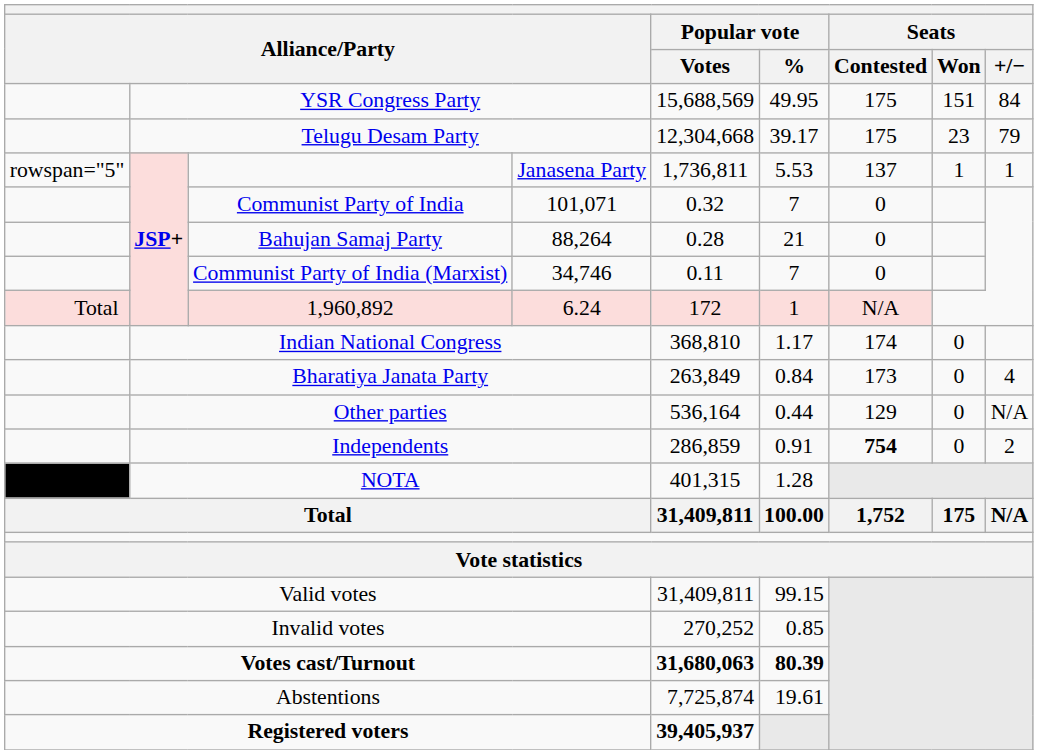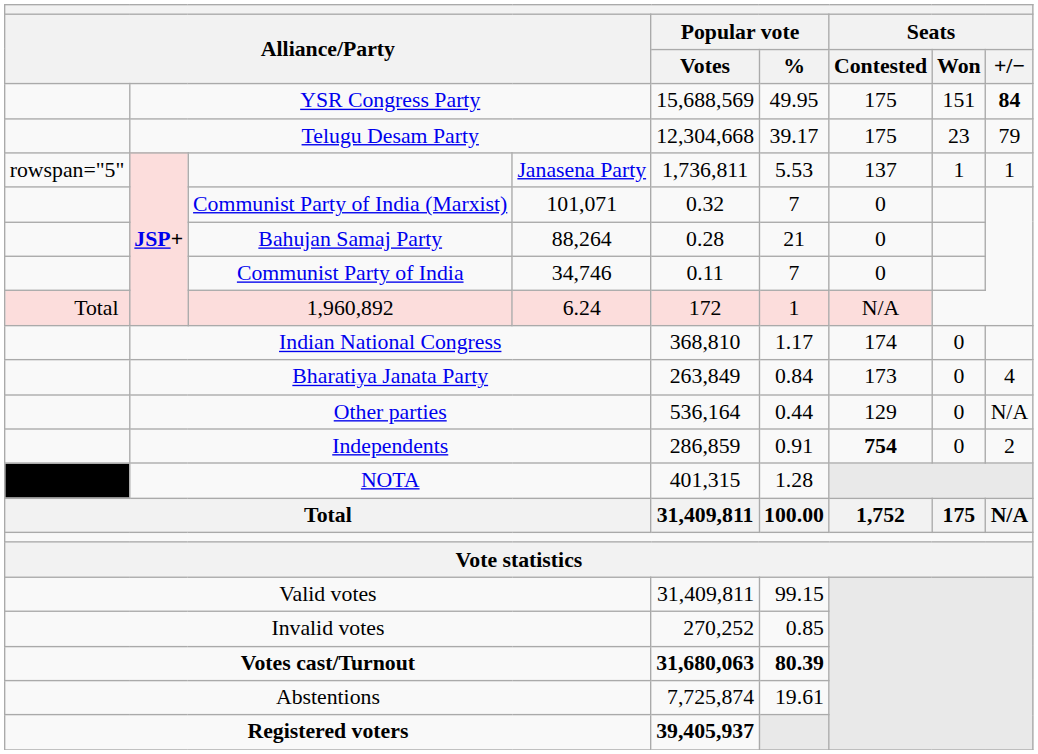 <table class="wikitable sortable" style="text-align:center;">
 <tr>
 <th colspan=9></th>
 </tr>
 <tr>
 <th colspan="4" rowspan="2">Alliance/Party</th>
 <th colspan="2">Popular vote</th>
 <th colspan="3">Seats</th>
 </tr>
 <tr>
 <th>Votes</th>
 <th>%</th>
 <th>Contested</th>
 <th>Won</th>
 <th><strong>+/−</strong></th>
 </tr>
 <tr>
 <td></td>
 <td colspan="3"><a href='#'>YSR Congress Party</a></td>
 <td>15,688,569</td>
 <td>49.95</td>
 <td>175</td>
 <td>151</td>
-<td> 84</td>
+<td><strong> 84</strong></td>
 </tr>
 <tr>
 <td></td>
 <td colspan=3><a href='#'>Telugu Desam Party</a></td>
 <td>12,304,668</td>
 <td>39.17</td>
 <td>175</td>
 <td>23</td>
 <td> 79</td>
 </tr>
 <tr>
 <td>rowspan="5" </td>
 <th rowspan="5" style="background:#FCDDDC"><a href='#'>JSP</a>+</th>
 <td></td>
 <td><a href='#'>Janasena Party</a></td>
 <td>1,736,811</td>
 <td>5.53</td>
 <td>137</td>
 <td>1</td>
 <td> 1</td>
 </tr>
 <tr>
 <td></td>
-<td><a href='#'>Communist Party of India</a></td>
+<td><a href='#'>Communist Party of India (Marxist)</a></td>
 <td>101,071</td>
 <td>0.32</td>
 <td>7</td>
 <td>0</td>
 <td></td>
 </tr>
 <tr>
 <td></td>
 <td><a href='#'>Bahujan Samaj Party</a></td>
 <td>88,264</td>
 <td>0.28</td>
 <td>21</td>
 <td>0</td>
 <td></td>
 </tr>
 <tr>
 <td></td>
-<td><a href='#'>Communist Party of India (Marxist)</a></td>
+<td><a href='#'>Communist Party of India</a></td>
 <td>34,746</td>
 <td>0.11</td>
 <td>7</td>
 <td>0</td>
 <td></td>
 </tr>
 <tr>
 <td colspan="2" style="background:#FCDDDC">Total</td>
 <td style="background:#FCDDDC">1,960,892</td>
 <td style="background:#FCDDDC">6.24</td>
 <td style="background:#FCDDDC">172</td>
 <td style="background:#FCDDDC">1</td>
 <td style="background:#FCDDDC">N/A</td>
 </tr>
 <tr>
 <td></td>
 <td colspan=3><a href='#'>Indian National Congress</a></td>
 <td>368,810</td>
 <td>1.17</td>
 <td>174</td>
 <td>0</td>
 <td></td>
 </tr>
 <tr>
 <td></td>
 <td colspan=3><a href='#'>Bharatiya Janata Party</a></td>
 <td>263,849</td>
 <td>0.84</td>
 <td>173</td>
 <td>0</td>
 <td> 4</td>
 </tr>
 <tr>
 <td></td>
 <td colspan="3"><a href='#'>Other parties</a></td>
 <td>536,164</td>
 <td>0.44</td>
 <td>129</td>
 <td>0</td>
 <td>N/A</td>
 </tr>
 <tr>
 <td></td>
 <td colspan=3><a href='#'>Independents</a></td>
 <td>286,859</td>
 <td>0.91</td>
 <td><strong>754</strong></td>
 <td>0</td>
 <td> 2</td>
 </tr>
 <tr>
 <td bgcolor="black"></td>
 <td colspan="3"><a href='#'>NOTA</a></td>
 <td>401,315</td>
 <td>1.28</td>
 <th colspan="3" style="background-color:#E9E9E9"></th>
 </tr>
 <tr>
 <th colspan="4">Total</th>
 <th>31,409,811</th>
 <th>100.00</th>
 <th>1,752</th>
 <th>175</th>
 <th>N/A</th>
 </tr>
 <tr>
 <td colspan="9"></td>
 </tr>
 <tr>
 <th colspan="9">Vote statistics</th>
 </tr>
 <tr>
 <td colspan="4">Valid votes</td>
 <td align="right">31,409,811</td>
 <td align="right">99.15</td>
 <th colspan="3" rowspan="5" style="background-color:#E9E9E9"></th>
 </tr>
 <tr>
 <td colspan="4">Invalid votes</td>
 <td align="right">270,252</td>
 <td align="right">0.85</td>
 </tr>
 <tr>
 <td colspan="4"><strong>Votes cast/Turnout</strong></td>
 <td align="right"><strong>31,680,063</strong></td>
 <td align="right"><strong>80.39</strong></td>
 </tr>
 <tr>
 <td colspan="4">Abstentions</td>
 <td align="right">7,725,874</td>
 <td align="right">19.61</td>
 </tr>
 <tr>
 <td colspan="4"><strong>Registered voters</strong></td>
 <td align="right"><strong>39,405,937</strong></td>
 <td style="background-color:#E9E9E9"></td>
 </tr>
 </table>
